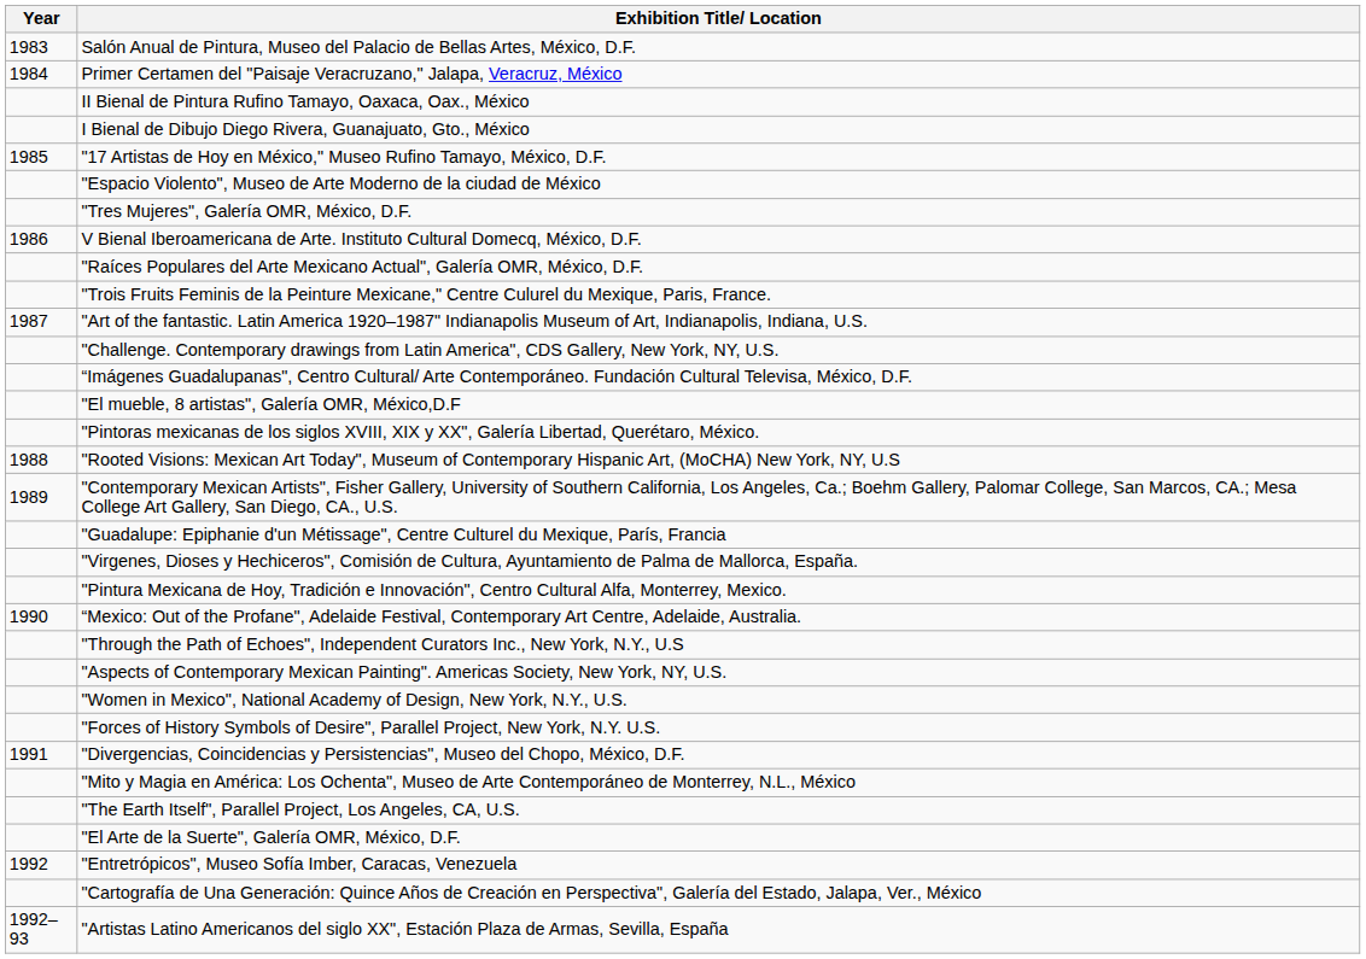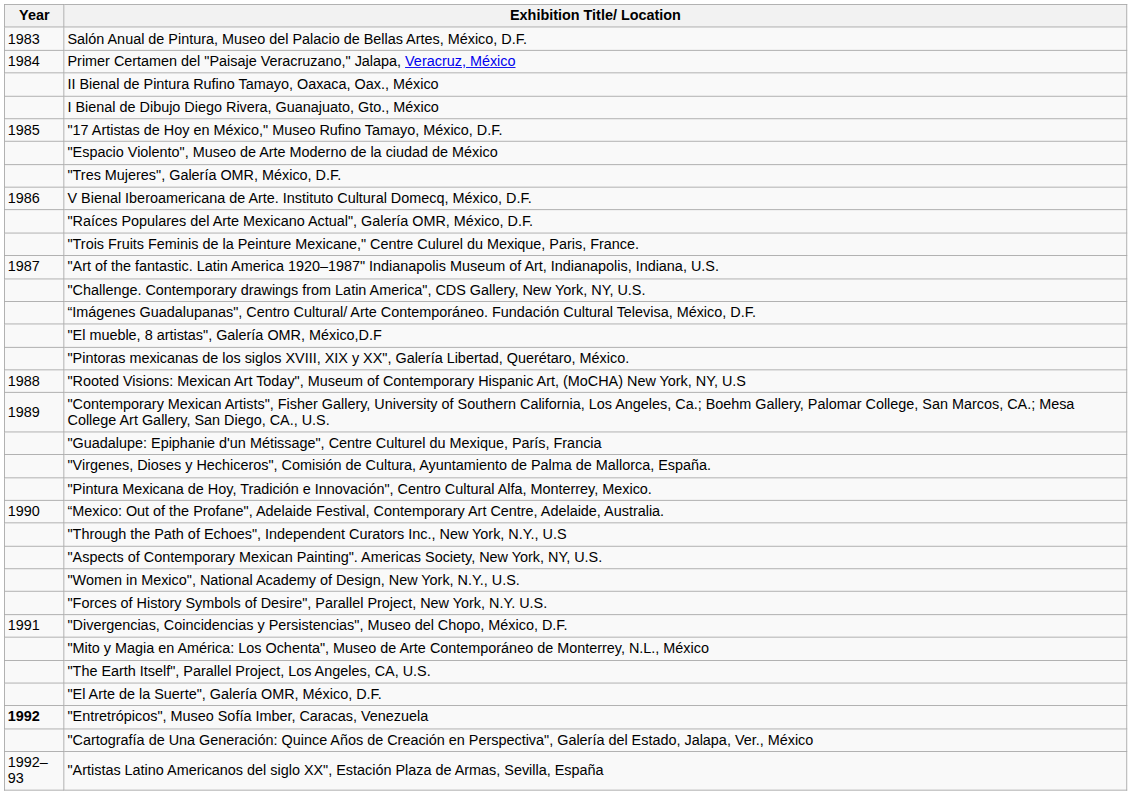 <table class="wikitable">
 <tr>
 <th>Year</th>
 <th>Exhibition Title/ Location</th>
 </tr>
 <tr>
 <td>1983</td>
 <td>Salón Anual de Pintura, Museo del Palacio de Bellas Artes, México, D.F.</td>
 </tr>
 <tr>
 <td>1984</td>
 <td>Primer Certamen del "Paisaje Veracruzano," Jalapa, <a href='#'>Veracruz, México</a></td>
 </tr>
 <tr>
 <td></td>
 <td>II Bienal de Pintura Rufino Tamayo, Oaxaca, Oax., México</td>
 </tr>
 <tr>
 <td></td>
 <td>I Bienal de Dibujo Diego Rivera, Guanajuato, Gto., México</td>
 </tr>
 <tr>
 <td>1985</td>
 <td>"17 Artistas de Hoy en México," Museo Rufino Tamayo, México, D.F.</td>
 </tr>
 <tr>
 <td></td>
 <td>"Espacio Violento", Museo de Arte Moderno de la ciudad de México</td>
 </tr>
 <tr>
 <td></td>
 <td>"Tres Mujeres", Galería OMR, México, D.F.</td>
 </tr>
 <tr>
 <td>1986</td>
 <td>V Bienal Iberoamericana de Arte. Instituto Cultural Domecq, México, D.F.</td>
 </tr>
 <tr>
 <td></td>
 <td>"Raíces Populares del Arte Mexicano Actual", Galería OMR, México, D.F.</td>
 </tr>
 <tr>
 <td></td>
 <td>"Trois Fruits Feminis de la Peinture Mexicane," Centre Culurel du Mexique, Paris, France.</td>
 </tr>
 <tr>
 <td>1987</td>
 <td>"Art of the fantastic. Latin America 1920–1987" Indianapolis Museum of Art, Indianapolis, Indiana, U.S.</td>
 </tr>
 <tr>
 <td></td>
 <td>"Challenge. Contemporary drawings from Latin America", CDS Gallery, New York, NY, U.S.</td>
 </tr>
 <tr>
 <td></td>
 <td>“Imágenes Guadalupanas", Centro Cultural/ Arte Contemporáneo. Fundación Cultural Televisa, México, D.F.</td>
 </tr>
 <tr>
 <td></td>
 <td>"El mueble, 8 artistas", Galería OMR, México,D.F</td>
 </tr>
 <tr>
 <td></td>
 <td>"Pintoras mexicanas de los siglos XVIII, XIX y XX", Galería Libertad, Querétaro, México.</td>
 </tr>
 <tr>
 <td>1988</td>
 <td>"Rooted Visions: Mexican Art Today", Museum of Contemporary Hispanic Art, (MoCHA) New York, NY, U.S</td>
 </tr>
 <tr>
 <td>1989</td>
 <td>"Contemporary Mexican Artists", Fisher Gallery, University of Southern California, Los Angeles, Ca.; Boehm Gallery, Palomar College, San Marcos, CA.; Mesa College Art Gallery, San Diego, CA., U.S.</td>
 </tr>
 <tr>
 <td></td>
 <td>"Guadalupe: Epiphanie d'un Métissage", Centre Culturel du Mexique, París, Francia</td>
 </tr>
 <tr>
 <td></td>
 <td>"Virgenes, Dioses y Hechiceros", Comisión de Cultura, Ayuntamiento de Palma de Mallorca, España.</td>
 </tr>
 <tr>
 <td></td>
 <td>"Pintura Mexicana de Hoy, Tradición e Innovación", Centro Cultural Alfa, Monterrey, Mexico.</td>
 </tr>
 <tr>
 <td>1990</td>
 <td>“Mexico: Out of the Profane", Adelaide Festival, Contemporary Art Centre, Adelaide, Australia.</td>
 </tr>
 <tr>
 <td></td>
 <td>"Through the Path of Echoes", Independent Curators Inc., New York, N.Y., U.S</td>
 </tr>
 <tr>
 <td></td>
 <td>"Aspects of Contemporary Mexican Painting". Americas Society, New York, NY, U.S.</td>
 </tr>
 <tr>
 <td></td>
 <td>"Women in Mexico", National Academy of Design, New York, N.Y., U.S.</td>
 </tr>
 <tr>
 <td></td>
 <td>"Forces of History Symbols of Desire", Parallel Project, New York, N.Y. U.S.</td>
 </tr>
 <tr>
 <td>1991</td>
 <td>"Divergencias, Coincidencias y Persistencias", Museo del Chopo, México, D.F.</td>
 </tr>
 <tr>
 <td></td>
 <td>"Mito y Magia en América: Los Ochenta", Museo de Arte Contemporáneo de Monterrey, N.L., México</td>
 </tr>
 <tr>
 <td></td>
 <td>"The Earth Itself", Parallel Project, Los Angeles, CA, U.S.</td>
 </tr>
 <tr>
 <td></td>
 <td>"El Arte de la Suerte", Galería OMR, México, D.F.</td>
 </tr>
 <tr>
-<td>1992</td>
+<td><strong>1992</strong></td>
 <td>"Entretrópicos", Museo Sofía Imber, Caracas, Venezuela</td>
 </tr>
 <tr>
 <td></td>
 <td>"Cartografía de Una Generación: Quince Años de Creación en Perspectiva", Galería del Estado, Jalapa, Ver., México</td>
 </tr>
 <tr>
 <td>1992–93</td>
 <td>"Artistas Latino Americanos del siglo XX", Estación Plaza de Armas, Sevilla, España</td>
 </tr>
 </table>
